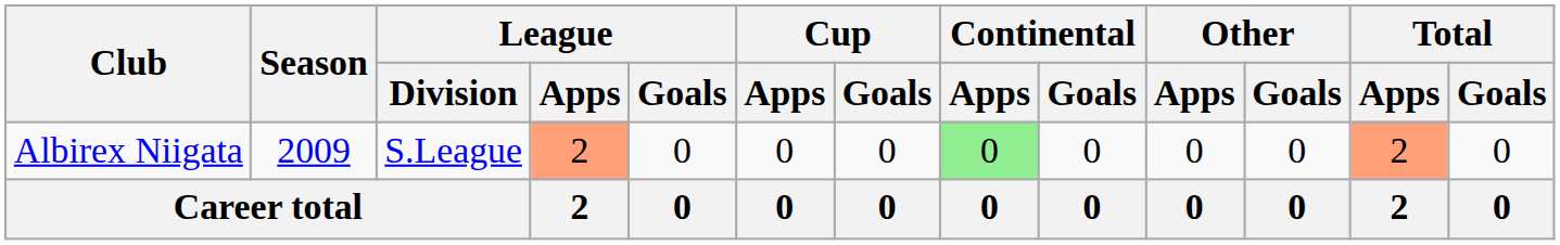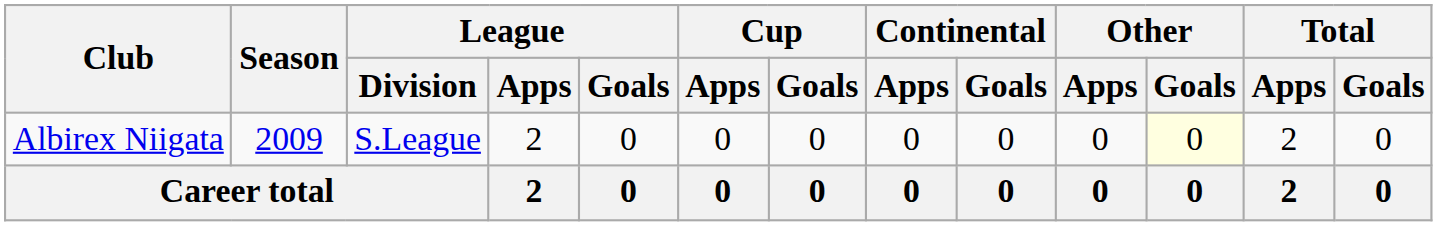 <table class="wikitable" style="text-align: center">
 <tr>
 <th rowspan="2">Club</th>
 <th rowspan="2">Season</th>
 <th colspan="3">League</th>
 <th colspan="2">Cup</th>
 <th colspan="2">Continental</th>
 <th colspan="2">Other</th>
 <th colspan="2">Total</th>
 </tr>
 <tr>
 <th>Division</th>
 <th>Apps</th>
 <th>Goals</th>
 <th>Apps</th>
 <th>Goals</th>
 <th>Apps</th>
 <th>Goals</th>
 <th>Apps</th>
 <th>Goals</th>
 <th>Apps</th>
 <th>Goals</th>
 </tr>
 <tr>
 <td><a href='#'>Albirex Niigata</a></td>
 <td><a href='#'>2009</a></td>
 <td><a href='#'>S.League</a></td>
-<td style="background: lightsalmon;">2</td>
+<td>2</td>
 <td>0</td>
 <td>0</td>
 <td>0</td>
-<td style="background: lightgreen;">0</td>
 <td>0</td>
 <td>0</td>
 <td>0</td>
-<td style="background: lightsalmon;">2</td>
+<td style="background: lightyellow;">0</td>
+<td>2</td>
 <td>0</td>
 </tr>
 <tr>
 <th colspan=3>Career total</th>
 <th>2</th>
 <th>0</th>
 <th>0</th>
 <th>0</th>
 <th>0</th>
 <th>0</th>
 <th>0</th>
 <th>0</th>
 <th>2</th>
 <th>0</th>
 </tr>
 </table>
